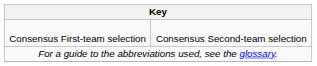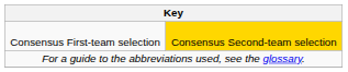 <table class="wikitable">
 <tr>
 <th colspan=2>Key</th>
 </tr>
 <tr>
 <td><br>  Consensus First-team selection <br></td>
-<td><br>  Consensus Second-team selection <br></td>
+<td style="background: gold;"><br>  Consensus Second-team selection <br></td>
 </tr>
 <tr>
 <td colspan=2 align=center><em>For a guide to the abbreviations used, see the <a href='#'>glossary</a>.</em></td>
 </tr>
 <tr>
 </tr>
 </table>
